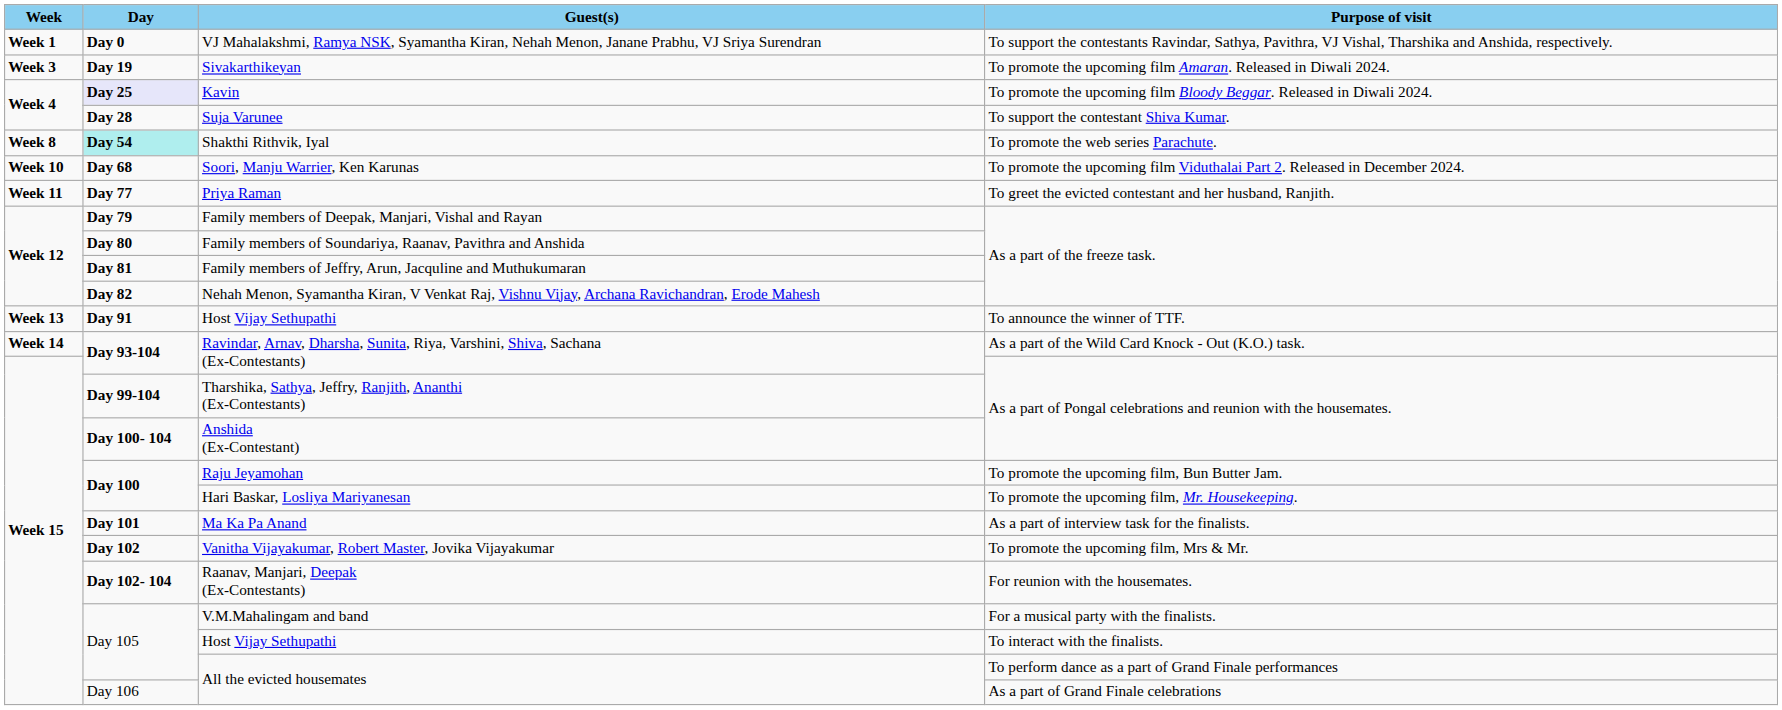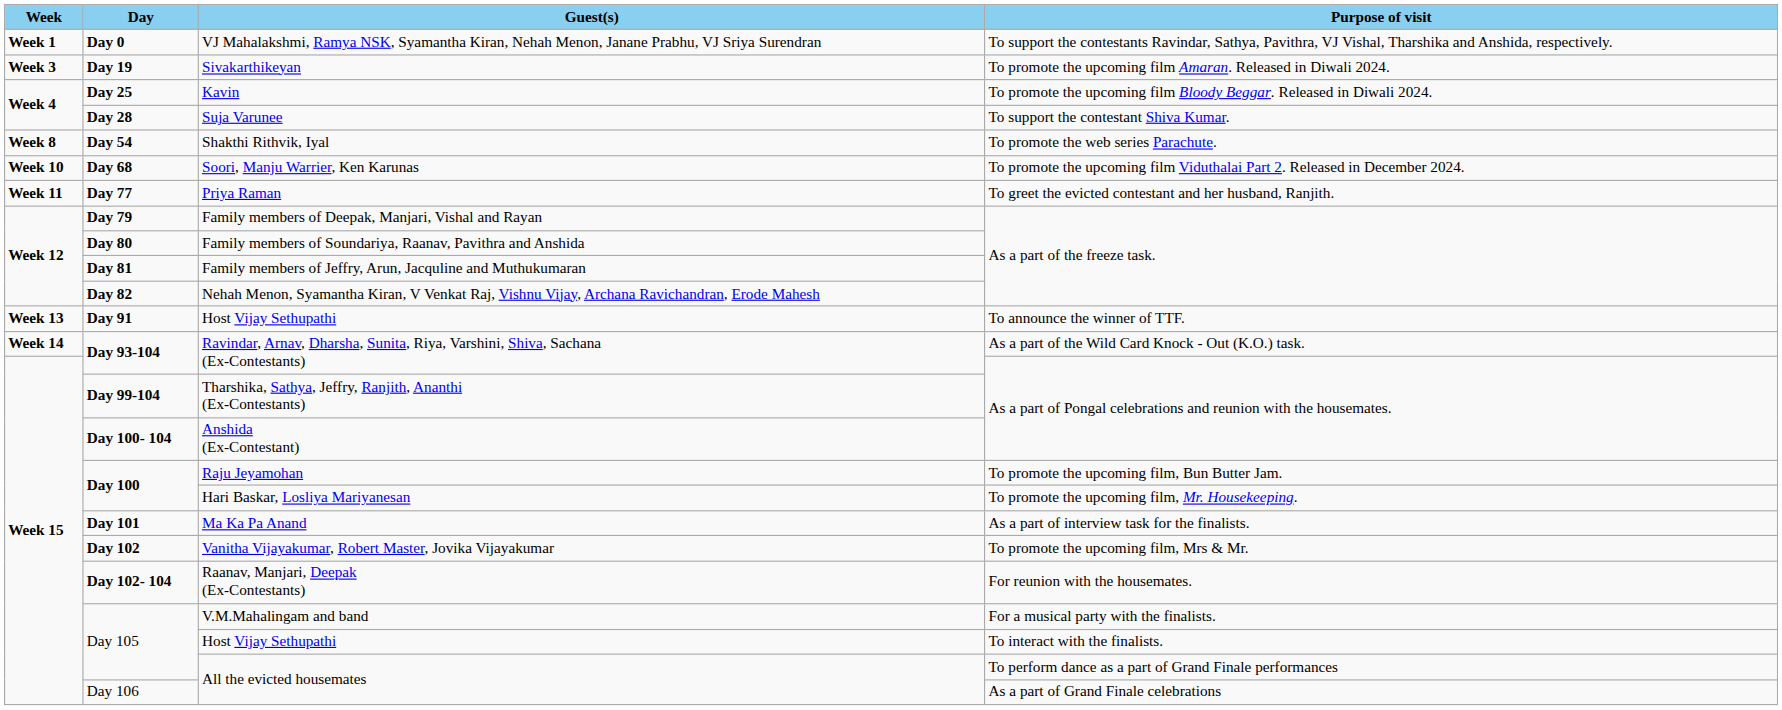 <table class="wikitable" style="font-size:85%; width:100%;">
 <tr>
 <th style="background:#89CFF0; color:black;">Week</th>
 <th style="background:#89CFF0; color:black;">Day</th>
 <th style="background:#89CFF0; color:black;">Guest(s)</th>
 <th style="background:#89CFF0; color:black;">Purpose of visit</th>
 </tr>
 <tr>
 <td><strong>Week 1</strong></td>
 <td><strong>Day 0</strong></td>
 <td>VJ Mahalakshmi, <a href='#'>Ramya NSK</a>, Syamantha Kiran, Nehah Menon, Janane Prabhu, VJ Sriya Surendran</td>
 <td>To support the contestants Ravindar, Sathya, Pavithra, VJ Vishal, Tharshika and Anshida, respectively.</td>
 </tr>
 <tr>
 <td><strong>Week 3</strong></td>
 <td><strong>Day 19</strong></td>
 <td><a href='#'>Sivakarthikeyan</a></td>
 <td>To promote the upcoming film <em><a href='#'>Amaran</a></em>. Released in Diwali 2024.</td>
 </tr>
 <tr>
 <td rowspan="2"><strong>Week 4</strong></td>
-<td style="background: lavender;"><strong>Day 25</strong></td>
+<td><strong>Day 25</strong></td>
 <td><a href='#'>Kavin</a></td>
 <td>To promote the upcoming film <em><a href='#'>Bloody Beggar</a></em>. Released in Diwali 2024.</td>
 </tr>
 <tr>
 <td><strong>Day 28</strong></td>
 <td><a href='#'>Suja Varunee</a></td>
 <td>To support the contestant <a href='#'>Shiva Kumar</a>.</td>
 </tr>
 <tr>
 <td><strong>Week 8</strong></td>
-<td style="background: paleturquoise;"><strong>Day 54</strong></td>
+<td><strong>Day 54</strong></td>
 <td>Shakthi Rithvik, Iyal</td>
 <td>To promote the web series <a href='#'>Parachute</a>.</td>
 </tr>
 <tr>
 <td><strong>Week 10</strong></td>
 <td><strong>Day 68</strong></td>
 <td><a href='#'>Soori</a>, <a href='#'>Manju Warrier</a>, Ken Karunas</td>
 <td>To promote the upcoming film <a href='#'>Viduthalai Part 2</a>. Released in December 2024.</td>
 </tr>
 <tr>
 <td><strong>Week 11</strong></td>
 <td><strong>Day 77</strong></td>
 <td><a href='#'>Priya Raman</a></td>
 <td>To greet the evicted contestant and her husband, Ranjith.</td>
 </tr>
 <tr>
 <td rowspan=4><strong>Week 12</strong></td>
 <td><strong>Day 79</strong></td>
 <td>Family members of Deepak, Manjari, Vishal and Rayan</td>
 <td rowspan=4>As a part of the freeze task.</td>
 </tr>
 <tr>
 <td><strong>Day 80</strong></td>
 <td>Family members of Soundariya, Raanav, Pavithra and Anshida</td>
 </tr>
 <tr>
 <td><strong>Day 81</strong></td>
 <td>Family members of Jeffry, Arun, Jacquline and Muthukumaran</td>
 </tr>
 <tr>
 <td><strong>Day 82</strong></td>
 <td>Nehah Menon, Syamantha Kiran, V Venkat Raj, <a href='#'>Vishnu Vijay</a>, <a href='#'>Archana Ravichandran</a>, <a href='#'>Erode Mahesh</a></td>
 </tr>
 <tr>
 <td><strong>Week 13</strong></td>
 <td><strong>Day 91</strong></td>
 <td>Host <a href='#'>Vijay Sethupathi</a></td>
 <td>To announce the winner of TTF.</td>
 </tr>
 <tr>
 <td><strong>Week 14</strong></td>
 <td rowspan="2"><strong>Day 93-104</strong></td>
 <td rowspan="2"><a href='#'>Ravindar</a>, <a href='#'>Arnav</a>, <a href='#'>Dharsha</a>, <a href='#'>Sunita</a>, Riya, Varshini, <a href='#'>Shiva</a>, Sachana<br>(Ex-Contestants)</td>
 <td>As a part of the Wild Card Knock - Out (K.O.) task.</td>
 </tr>
 <tr>
 <td rowspan="13"><strong>Week 15</strong></td>
 <td rowspan="3">As a part of Pongal celebrations and reunion with the housemates.</td>
 </tr>
 <tr>
 <td><strong>Day 99-104</strong></td>
 <td>Tharshika, <a href='#'>Sathya</a>, Jeffry, <a href='#'>Ranjith</a>, <a href='#'>Ananthi</a><br>(Ex-Contestants)</td>
 </tr>
 <tr>
 <td><strong>Day 100- 104</strong></td>
 <td><a href='#'>Anshida</a><br>(Ex-Contestant)</td>
 </tr>
 <tr>
 <td rowspan="2"><strong>Day 100</strong></td>
 <td><a href='#'>Raju Jeyamohan</a></td>
 <td>To promote the upcoming film, Bun Butter Jam.</td>
 </tr>
 <tr>
 <td>Hari Baskar, <a href='#'>Losliya Mariyanesan</a></td>
 <td>To promote the upcoming film, <em><a href='#'>Mr. Housekeeping</a></em>.</td>
 </tr>
 <tr>
 <td><strong>Day 101</strong></td>
 <td><a href='#'>Ma Ka Pa Anand</a></td>
 <td>As a part of interview task for the finalists.</td>
 </tr>
 <tr>
 <td><strong>Day 102</strong></td>
 <td><a href='#'>Vanitha Vijayakumar</a>, <a href='#'>Robert Master</a>, Jovika Vijayakumar</td>
 <td>To promote the upcoming film, Mrs & Mr.</td>
 </tr>
 <tr>
 <td><strong>Day 102- 104</strong></td>
 <td>Raanav, Manjari, <a href='#'>Deepak</a><br>(Ex-Contestants)</td>
 <td>For reunion with the housemates.</td>
 </tr>
 <tr>
 <td rowspan="3">Day 105</td>
 <td>V.M.Mahalingam and band</td>
 <td>For a musical party with the finalists.</td>
 </tr>
 <tr>
 <td>Host <a href='#'>Vijay Sethupathi</a></td>
 <td>To interact with the finalists.</td>
 </tr>
 <tr>
 <td rowspan="2">All the evicted housemates</td>
 <td>To perform dance as a part of Grand Finale performances</td>
 </tr>
 <tr>
 <td>Day 106</td>
 <td>As a part of Grand Finale celebrations</td>
 </tr>
 </table>
